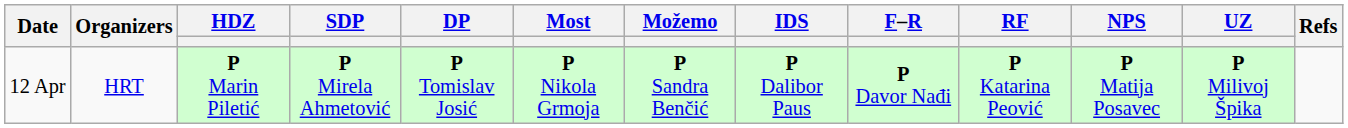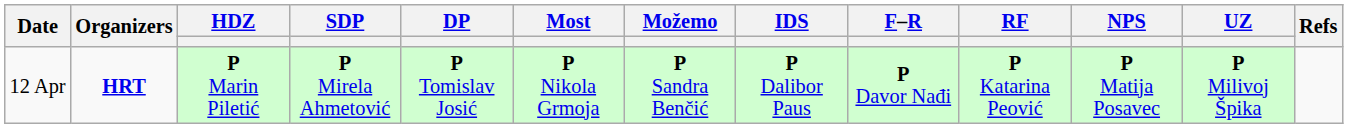 <table class="wikitable" style="font-size:85%; line-height:15px; text-align:center">
 <tr>
 <th rowspan="2">Date</th>
 <th rowspan="2">Organizers</th>
 <th scope="col" style="width:5em"><a href='#'>HDZ</a></th>
 <th scope="col" style="width:5em"><a href='#'>SDP</a></th>
 <th scope="col" style="width:5em"><a href='#'>DP</a></th>
 <th scope="col" style="width:5em"><a href='#'>Most</a></th>
 <th scope="col" style="width:5em"><a href='#'>Možemo</a></th>
 <th scope="col" style="width:5em"><a href='#'>IDS</a></th>
 <th scope="col" style="width:5em"><a href='#'>F</a>–<a href='#'>R</a></th>
 <th scope="col" style="width:5em"><a href='#'>RF</a></th>
 <th scope="col" style="width:5em"><a href='#'>NPS</a></th>
 <th scope="col" style="width:5em"><a href='#'>UZ</a></th>
 <th rowspan="2">Refs</th>
 </tr>
 <tr>
 <th style="background:"></th>
 <th style="background:"></th>
 <th style="background:"></th>
 <th style="background:"></th>
 <th style="background:"></th>
 <th style="background:"></th>
 <th style="background:"></th>
 <th style="background:"></th>
 <th style="background:"></th>
 <th style="background:"></th>
 </tr>
 <tr>
 <td>12 Apr</td>
-<td><a href='#'>HRT</a></td>
+<td><strong><a href='#'>HRT</a></strong></td>
 <td style="background:#D0FFD0"><strong>P</strong><br><a href='#'>Marin Piletić</a></td>
 <td style="background:#D0FFD0"><strong>P</strong><br><a href='#'>Mirela Ahmetović</a></td>
 <td style="background:#D0FFD0"><strong>P</strong><br><a href='#'>Tomislav Josić</a></td>
 <td style="background:#D0FFD0"><strong>P</strong><br><a href='#'>Nikola Grmoja</a></td>
 <td style="background:#D0FFD0"><strong>P</strong><br><a href='#'>Sandra Benčić</a></td>
 <td style="background:#D0FFD0"><strong>P</strong><br><a href='#'>Dalibor Paus</a></td>
 <td style="background:#D0FFD0"><strong>P</strong><br><a href='#'>Davor Nađi</a></td>
 <td style="background:#D0FFD0"><strong>P</strong><br><a href='#'>Katarina Peović</a></td>
 <td style="background:#D0FFD0"><strong>P</strong><br><a href='#'>Matija Posavec</a></td>
 <td style="background:#D0FFD0"><strong>P</strong><br><a href='#'>Milivoj Špika</a></td>
 <td><br><br></td>
 </tr>
 </table>
